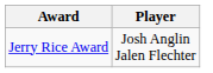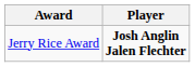 <table class="wikitable" style="text-align:center;">
 <tr>
 <th>Award</th>
 <th>Player</th>
 </tr>
 <tr>
 <td><a href='#'>Jerry Rice Award</a></td>
-<td>Josh Anglin<br>Jalen Flechter</td>
+<td><strong>Josh Anglin<br>Jalen Flechter</strong></td>
 </tr>
 </table>
